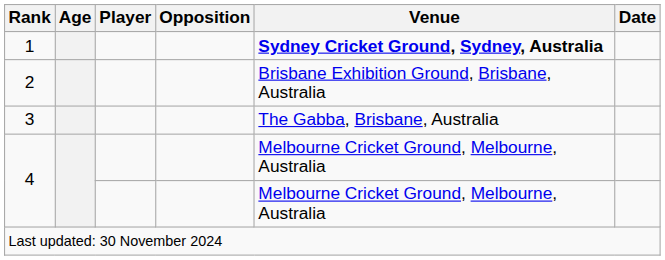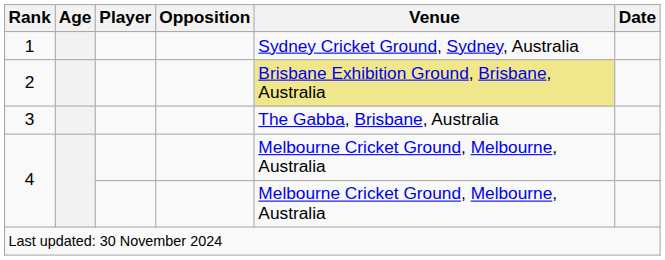 <table class="wikitable plainrowheaders sortable">
 <tr>
 <th scope=col>Rank</th>
 <th scope=col>Age</th>
 <th scope=col>Player</th>
 <th scope=col>Opposition</th>
 <th scope=col>Venue</th>
 <th scope=col>Date</th>
 </tr>
 <tr>
 <td align=center>1</td>
 <th scope=row style=text-align:center;></th>
 <td></td>
 <td></td>
-<td><strong><a href='#'>Sydney Cricket Ground</a>, <a href='#'>Sydney</a>, Australia</strong></td>
+<td><a href='#'>Sydney Cricket Ground</a>, <a href='#'>Sydney</a>, Australia</td>
 <td><a href='#'></a></td>
 </tr>
 <tr>
 <td align=center>2</td>
 <th scope=row style=text-align:center;></th>
 <td></td>
 <td></td>
-<td><a href='#'>Brisbane Exhibition Ground</a>, <a href='#'>Brisbane</a>, Australia</td>
+<td style="background: khaki;"><a href='#'>Brisbane Exhibition Ground</a>, <a href='#'>Brisbane</a>, Australia</td>
 <td><a href='#'></a></td>
 </tr>
 <tr>
 <td align=center>3</td>
 <th scope=row style=text-align:center;></th>
 <td></td>
 <td></td>
 <td><a href='#'>The Gabba</a>, <a href='#'>Brisbane</a>, Australia</td>
 <td><a href='#'></a></td>
 </tr>
 <tr>
 <td align=center rowspan=2>4</td>
 <th scope=row style=text-align:center; rowspan=2></th>
 <td></td>
 <td></td>
 <td><a href='#'>Melbourne Cricket Ground</a>, <a href='#'>Melbourne</a>, Australia</td>
 <td><a href='#'></a></td>
 </tr>
 <tr>
 <td></td>
 <td></td>
 <td><a href='#'>Melbourne Cricket Ground</a>, <a href='#'>Melbourne</a>, Australia</td>
 <td><a href='#'></a></td>
 </tr>
 <tr class=sortbottom>
 <td colspan=7><small>Last updated: 30 November 2024</small></td>
 </tr>
 </table>
